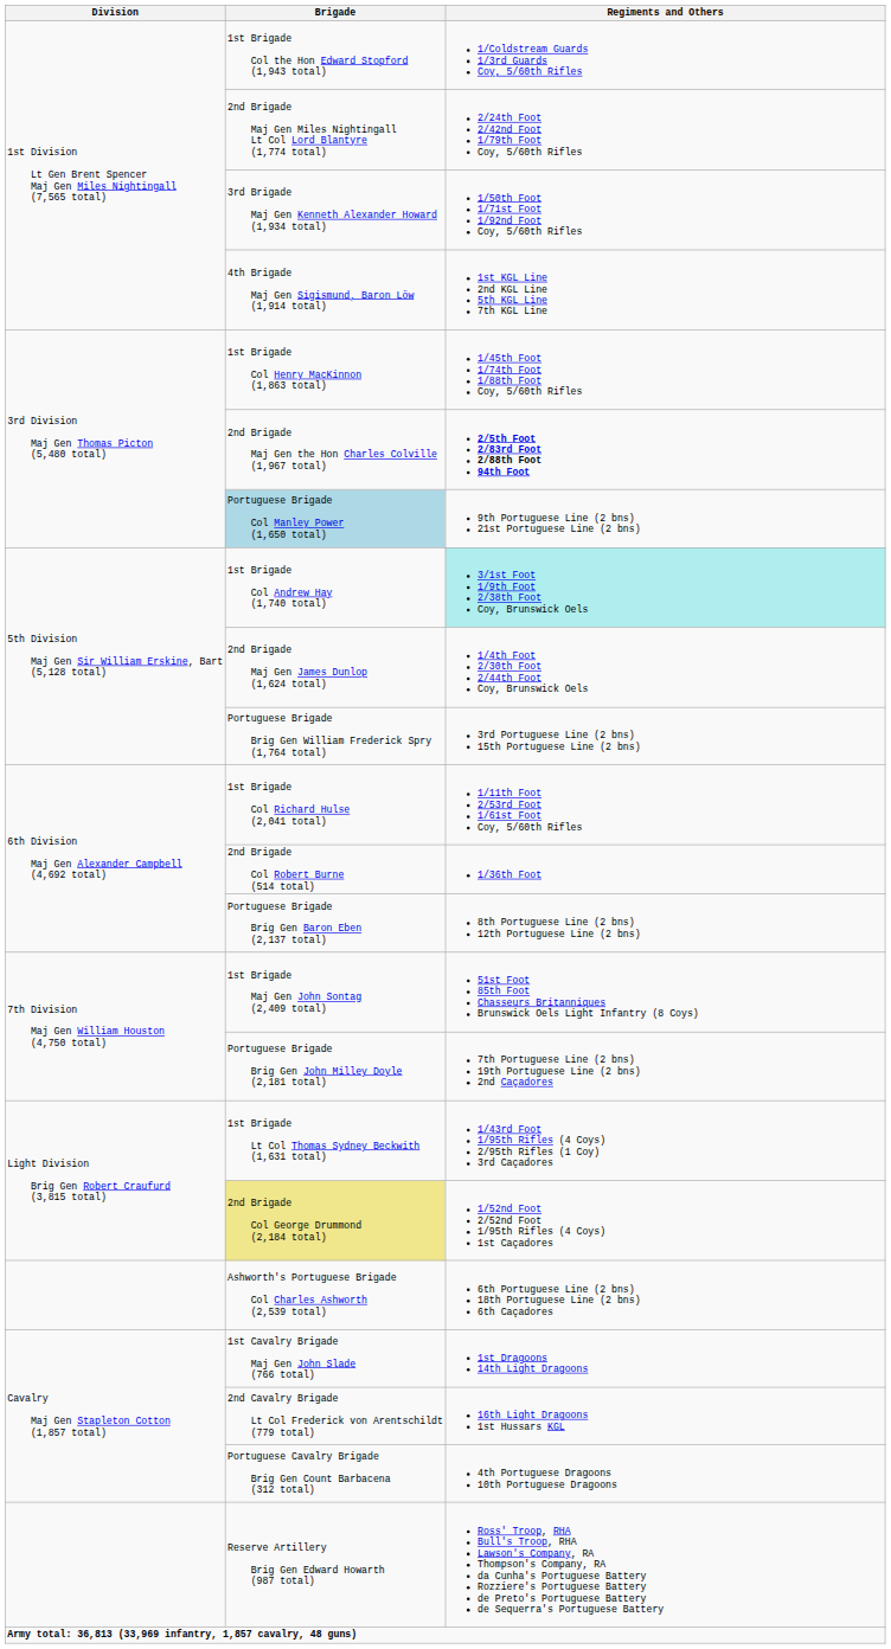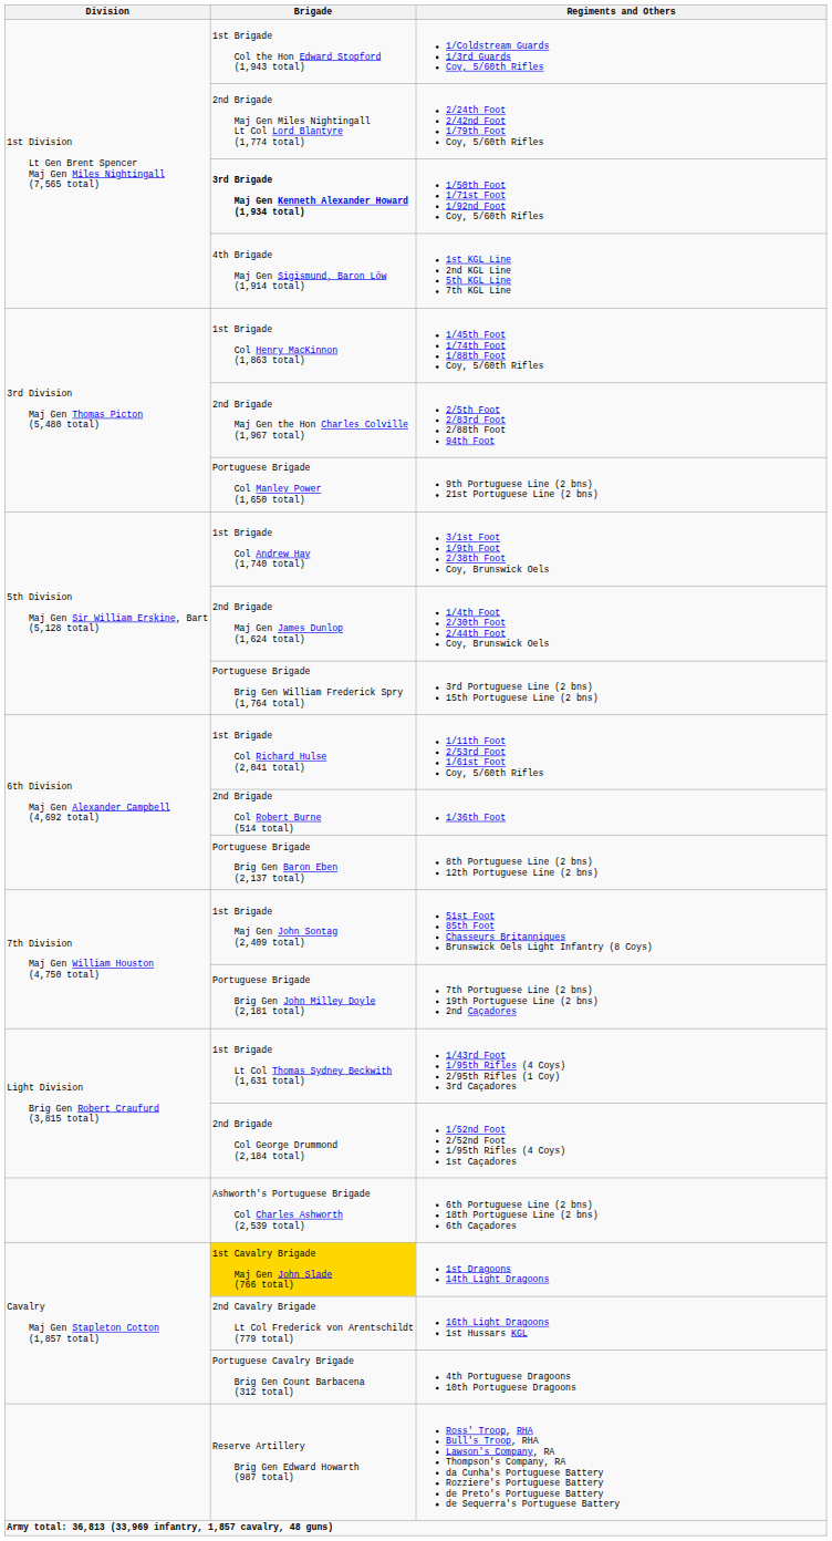 <table class="wikitable">
 <tr>
 <th style="width:25%;">Division</th>
 <th style="width:25%;">Brigade</th>
 <th>Regiments and Others</th>
 </tr>
 <tr>
 <td rowspan=4>1st Division<br><br>    Lt Gen Brent Spencer <br>    Maj Gen <a href='#'>Miles Nightingall</a>  <br>    (7,565 total)</td>
 <td>1st Brigade<br><br>    Col the Hon <a href='#'>Edward Stopford</a> <br>    (1,943 total)</td>
 <td><br><ul><li><a href='#'>1/Coldstream Guards</a></li><li><a href='#'>1/3rd Guards</a></li><li><a href='#'>Coy, 5/60th Rifles</a></li></ul></td>
 </tr>
 <tr>
 <td>2nd Brigade<br><br>    Maj Gen Miles Nightingall <br>    Lt Col <a href='#'>Lord Blantyre</a>  <br>    (1,774 total)</td>
 <td><br><ul><li><a href='#'>2/24th Foot</a></li><li><a href='#'>2/42nd Foot</a></li><li><a href='#'>1/79th Foot</a></li><li>Coy, 5/60th Rifles</li></ul></td>
 </tr>
 <tr>
-<td>3rd Brigade<br><br>    Maj Gen <a href='#'>Kenneth Alexander Howard</a> <br>    (1,934 total)</td>
+<td><strong>3rd Brigade<br><br>    Maj Gen <a href='#'>Kenneth Alexander Howard</a> <br>    (1,934 total)</strong></td>
 <td><br><ul><li><a href='#'>1/50th Foot</a></li><li><a href='#'>1/71st Foot</a></li><li><a href='#'>1/92nd Foot</a></li><li>Coy, 5/60th Rifles</li></ul></td>
 </tr>
 <tr>
 <td>4th Brigade<br><br>    Maj Gen <a href='#'>Sigismund, Baron Löw</a> <br>    (1,914 total)</td>
 <td><br><ul><li><a href='#'>1st KGL Line</a></li><li>2nd KGL Line</li><li><a href='#'>5th KGL Line</a></li><li>7th KGL Line</li></ul></td>
 </tr>
 <tr>
 <td rowspan=3>3rd Division<br><br>    Maj Gen <a href='#'>Thomas Picton</a> <br>    (5,480 total)</td>
 <td>1st Brigade<br><br>    Col <a href='#'>Henry MacKinnon</a> <br>    (1,863 total)</td>
 <td><br><ul><li><a href='#'>1/45th Foot</a></li><li><a href='#'>1/74th Foot</a></li><li><a href='#'>1/88th Foot</a></li><li>Coy, 5/60th Rifles</li></ul></td>
 </tr>
 <tr>
 <td>2nd Brigade<br><br>    Maj Gen the Hon <a href='#'>Charles Colville</a> <br>    (1,967 total)</td>
-<td><strong><br><ul><li><a href='#'>2/5th Foot</a></li><li><a href='#'>2/83rd Foot</a></li><li>2/88th Foot</li><li><a href='#'>94th Foot</a></li></ul></strong></td>
+<td><br><ul><li><a href='#'>2/5th Foot</a></li><li><a href='#'>2/83rd Foot</a></li><li>2/88th Foot</li><li><a href='#'>94th Foot</a></li></ul></td>
 </tr>
 <tr>
-<td style="background: lightblue;">Portuguese Brigade<br><br>    Col <a href='#'>Manley Power</a> <br>    (1,650 total)</td>
+<td>Portuguese Brigade<br><br>    Col <a href='#'>Manley Power</a> <br>    (1,650 total)</td>
 <td><br><ul><li>9th Portuguese Line (2 bns)</li><li>21st Portuguese Line (2 bns)</li></ul></td>
 </tr>
 <tr>
 <td rowspan=3>5th Division<br><br>    Maj Gen <a href='#'>Sir William Erskine</a>, Bart <br>    (5,128 total)</td>
 <td>1st Brigade<br><br>    Col <a href='#'>Andrew Hay</a> <br>    (1,740 total)</td>
-<td style="background: paleturquoise;"><br><ul><li><a href='#'>3/1st Foot</a></li><li><a href='#'>1/9th Foot</a></li><li><a href='#'>2/38th Foot</a></li><li>Coy, Brunswick Oels</li></ul></td>
+<td><br><ul><li><a href='#'>3/1st Foot</a></li><li><a href='#'>1/9th Foot</a></li><li><a href='#'>2/38th Foot</a></li><li>Coy, Brunswick Oels</li></ul></td>
 </tr>
 <tr>
 <td>2nd Brigade<br><br>    Maj Gen <a href='#'>James Dunlop</a> <br>    (1,624 total)</td>
 <td><br><ul><li><a href='#'>1/4th Foot</a></li><li><a href='#'>2/30th Foot</a></li><li><a href='#'>2/44th Foot</a></li><li>Coy, Brunswick Oels</li></ul></td>
 </tr>
 <tr>
 <td>Portuguese Brigade<br><br>    Brig Gen William Frederick Spry <br>    (1,764 total)</td>
 <td><br><ul><li>3rd Portuguese Line (2 bns)</li><li>15th Portuguese Line (2 bns)</li></ul></td>
 </tr>
 <tr>
 <td rowspan=3>6th Division<br><br>    Maj Gen <a href='#'>Alexander Campbell</a> <br>    (4,692 total)</td>
 <td>1st Brigade<br><br>    Col <a href='#'>Richard Hulse</a> <br>    (2,041 total)</td>
 <td><br><ul><li><a href='#'>1/11th Foot</a></li><li><a href='#'>2/53rd Foot</a></li><li><a href='#'>1/61st Foot</a></li><li>Coy, 5/60th Rifles</li></ul></td>
 </tr>
 <tr>
 <td>2nd Brigade<br><br>    Col <a href='#'>Robert Burne</a> <br>    (514 total)</td>
 <td><br><ul><li><a href='#'>1/36th Foot</a></li></ul></td>
 </tr>
 <tr>
 <td>Portuguese Brigade<br><br>    Brig Gen <a href='#'>Baron Eben</a> <br>    (2,137 total)</td>
 <td><br><ul><li>8th Portuguese Line (2 bns)</li><li>12th Portuguese Line (2 bns)</li></ul></td>
 </tr>
 <tr>
 <td rowspan=2>7th Division<br><br>    Maj Gen <a href='#'>William Houston</a> <br>    (4,750 total)</td>
 <td>1st Brigade<br><br>    Maj Gen <a href='#'>John Sontag</a> <br>    (2,409 total)</td>
 <td><br><ul><li><a href='#'>51st Foot</a></li><li><a href='#'>85th Foot</a></li><li><a href='#'>Chasseurs Britanniques</a></li><li>Brunswick Oels Light Infantry (8 Coys)</li></ul></td>
 </tr>
 <tr>
 <td>Portuguese Brigade<br><br>    Brig Gen <a href='#'>John Milley Doyle</a> <br>    (2,181 total)</td>
 <td><br><ul><li>7th Portuguese Line (2 bns)</li><li>19th Portuguese Line (2 bns)</li><li>2nd <a href='#'>Caçadores</a></li></ul></td>
 </tr>
 <tr>
 <td rowspan=2>Light Division<br><br>    Brig Gen <a href='#'>Robert Craufurd</a> <br>    (3,815 total)</td>
 <td>1st Brigade<br><br>    Lt Col <a href='#'>Thomas Sydney Beckwith</a> <br>    (1,631 total)</td>
 <td><br><ul><li><a href='#'>1/43rd Foot</a></li><li><a href='#'>1/95th Rifles</a> (4 Coys)</li><li>2/95th Rifles (1 Coy)</li><li>3rd Caçadores</li></ul></td>
 </tr>
 <tr>
-<td style="background: khaki;">2nd Brigade<br><br>    Col George Drummond <br>    (2,184 total)</td>
+<td>2nd Brigade<br><br>    Col George Drummond <br>    (2,184 total)</td>
 <td><br><ul><li><a href='#'>1/52nd Foot</a></li><li>2/52nd Foot</li><li>1/95th Rifles (4 Coys)</li><li>1st Caçadores</li></ul></td>
 </tr>
 <tr>
 <td></td>
 <td>Ashworth's Portuguese Brigade<br><br>    Col <a href='#'>Charles Ashworth</a> <br>    (2,539 total)</td>
 <td><br><ul><li>6th Portuguese Line (2 bns)</li><li>18th Portuguese Line (2 bns)</li><li>6th Caçadores</li></ul></td>
 </tr>
 <tr>
 <td rowspan=3>Cavalry<br><br>    Maj Gen <a href='#'>Stapleton Cotton</a> <br>    (1,857 total)</td>
-<td>1st Cavalry Brigade<br><br>    Maj Gen <a href='#'>John Slade</a> <br>    (766 total)</td>
+<td style="background: gold;">1st Cavalry Brigade<br><br>    Maj Gen <a href='#'>John Slade</a> <br>    (766 total)</td>
 <td><br><ul><li><a href='#'>1st Dragoons</a></li><li><a href='#'>14th Light Dragoons</a></li></ul></td>
 </tr>
 <tr>
 <td>2nd Cavalry Brigade<br><br>    Lt Col Frederick von Arentschildt <br>    (779 total)</td>
 <td><br><ul><li><a href='#'>16th Light Dragoons</a></li><li>1st Hussars <a href='#'>KGL</a></li></ul></td>
 </tr>
 <tr>
 <td>Portuguese Cavalry Brigade<br><br>    Brig Gen Count Barbacena <br>    (312 total)</td>
 <td><br><ul><li>4th Portuguese Dragoons</li><li>10th Portuguese Dragoons</li></ul></td>
 </tr>
 <tr>
 <td></td>
 <td>Reserve Artillery<br><br>    Brig Gen Edward Howarth <br>    (987 total)</td>
 <td><br><ul><li><a href='#'>Ross' Troop</a>, <a href='#'>RHA</a></li><li><a href='#'>Bull's Troop</a>, RHA</li><li><a href='#'>Lawson's Company</a>, RA</li><li>Thompson's Company, RA</li><li>da Cunha's Portuguese Battery</li><li>Rozziere's Portuguese Battery</li><li>de Preto's Portuguese Battery</li><li>de Sequerra's Portuguese Battery</li></ul></td>
 </tr>
 <tr>
 <td colspan=3><strong>Army total: 36,813 (33,969 infantry, 1,857 cavalry, 48 guns)</strong></td>
 </tr>
 </table>
